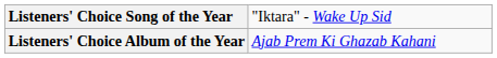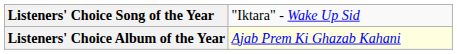 <table class="wikitable">
 <tr>
 <th style="text-align: left; width:50%;">Listeners' Choice Song of the Year</th>
 <td>"Iktara" - <em><a href='#'>Wake Up Sid</a></em></td>
 </tr>
 <tr>
 <th style="text-align: left;">Listeners' Choice Album of the Year</th>
-<td><em><a href='#'>Ajab Prem Ki Ghazab Kahani</a></em></td>
+<td style="background: lightyellow;"><em><a href='#'>Ajab Prem Ki Ghazab Kahani</a></em></td>
 </tr>
 </table>
